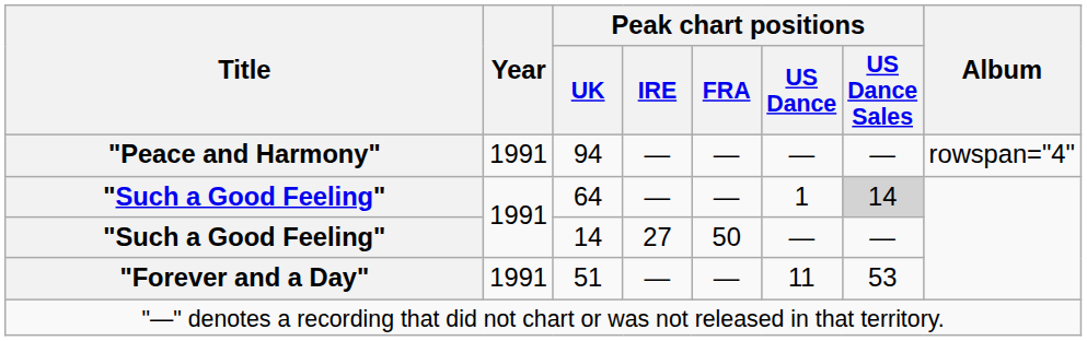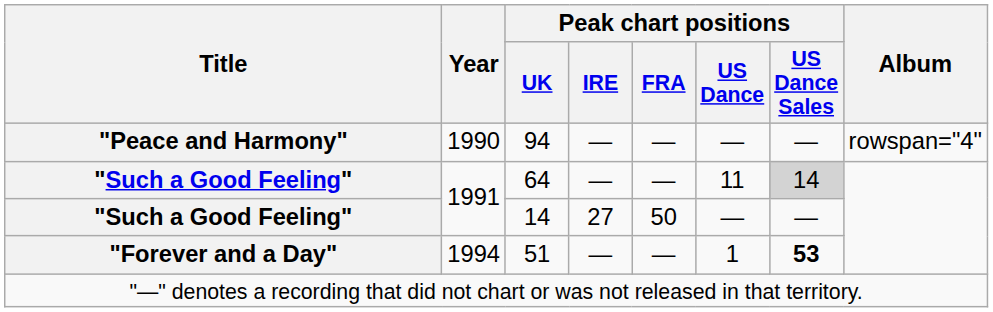 <table class="wikitable plainrowheaders" style="text-align:center;">
 <tr>
 <th scope="col" rowspan="2" style="width:18em;">Title</th>
 <th scope="col" rowspan="2">Year</th>
 <th scope="col" colspan="5">Peak chart positions</th>
 <th scope="col" rowspan="2">Album</th>
 </tr>
 <tr>
 <th scope="col" style="width:2.5em;font-size:90%;"><a href='#'>UK</a><br></th>
 <th scope="col" style="width:2.5em;font-size:90%;"><a href='#'>IRE</a></th>
 <th scope="col" style="width:2.5em;font-size:90%;"><a href='#'>FRA</a></th>
 <th scope="col" style="width:2.5em;font-size:90%;"><a href='#'>US Dance</a><br></th>
 <th scope="col" style="width:2.5em;font-size:90%;"><a href='#'>US Dance Sales</a></th>
 </tr>
 <tr>
 <th scope="row">"Peace and Harmony"</th>
-<td>1991</td>
+<td>1990</td>
 <td>94</td>
 <td>—</td>
 <td>—</td>
 <td>—</td>
 <td>—</td>
 <td>rowspan="4" </td>
 </tr>
 <tr>
 <th scope="row">"<a href='#'>Such a Good Feeling</a>"</th>
 <td rowspan="2">1991</td>
 <td>64</td>
 <td>—</td>
 <td>—</td>
-<td>1</td>
+<td>11</td>
 <td style="background: lightgrey;">14</td>
 </tr>
 <tr>
 <th scope="row">"Such a Good Feeling"<br></th>
 <td>14</td>
 <td>27</td>
 <td>50</td>
 <td>—</td>
 <td>—</td>
 </tr>
 <tr>
 <th scope="row">"Forever and a Day"<br></th>
-<td>1991</td>
+<td>1994</td>
 <td>51</td>
 <td>—</td>
 <td>—</td>
-<td>11</td>
-<td>53</td>
+<td>1</td>
+<td><strong>53</strong></td>
 </tr>
 <tr>
 <td colspan="8" style="font-size:90%;">"—" denotes a recording that did not chart or was not released in that territory.</td>
 </tr>
 </table>
